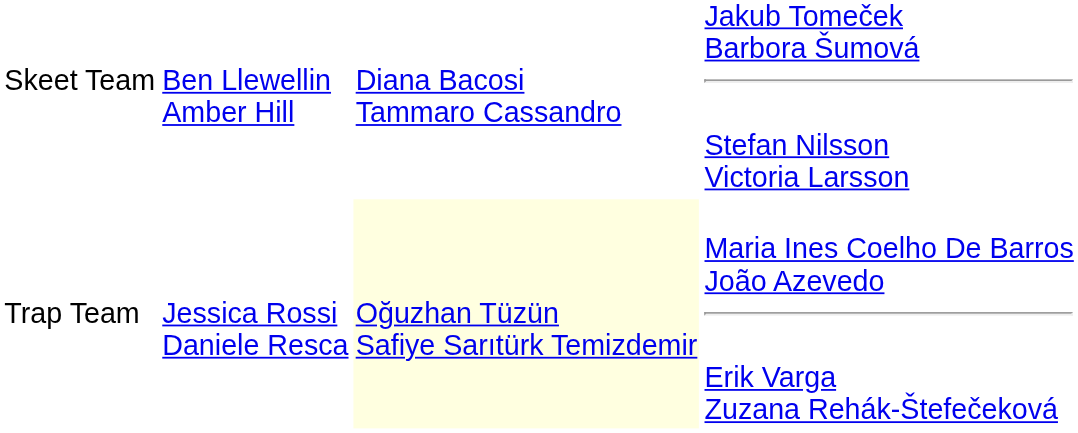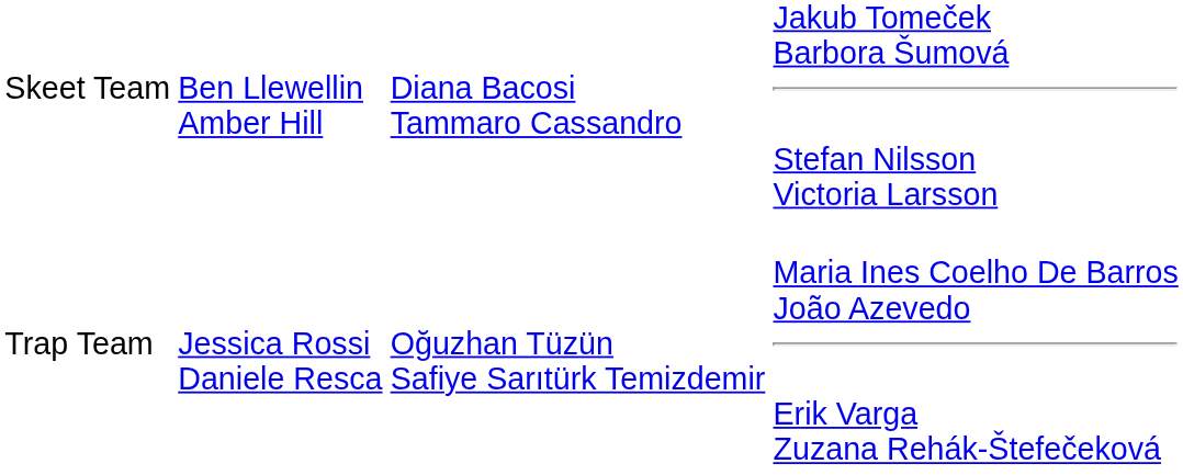 <table>
 <tr>
 <td>Skeet Team</td>
 <td><br><a href='#'>Ben Llewellin</a><br><a href='#'>Amber Hill</a></td>
 <td><br><a href='#'>Diana Bacosi</a><br><a href='#'>Tammaro Cassandro</a></td>
 <td><br><a href='#'>Jakub Tomeček</a><br><a href='#'>Barbora Šumová</a><hr><br><a href='#'>Stefan Nilsson</a><br><a href='#'>Victoria Larsson</a></td>
 </tr>
 <tr>
 <td>Trap Team</td>
 <td><br><a href='#'>Jessica Rossi</a><br><a href='#'>Daniele Resca</a></td>
-<td style="background: lightyellow;"><br><a href='#'>Oğuzhan Tüzün</a><br><a href='#'>Safiye Sarıtürk Temizdemir</a></td>
+<td><br><a href='#'>Oğuzhan Tüzün</a><br><a href='#'>Safiye Sarıtürk Temizdemir</a></td>
 <td><br><a href='#'>Maria Ines Coelho De Barros</a><br><a href='#'>João Azevedo</a><hr><br><a href='#'>Erik Varga</a><br><a href='#'>Zuzana Rehák-Štefečeková</a></td>
 </tr>
 </table>
